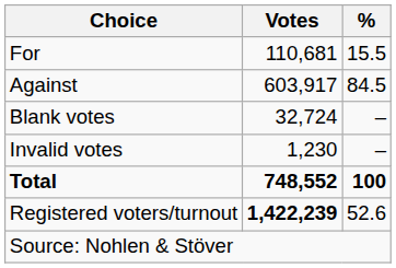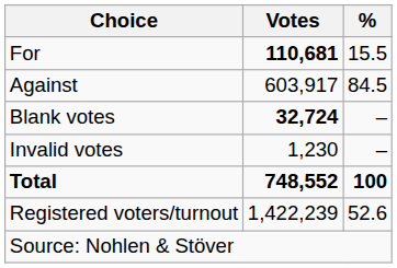 <table class=wikitable style=text-align:right>
 <tr>
 <th>Choice</th>
 <th>Votes</th>
 <th>%</th>
 </tr>
 <tr>
 <td align=left>For</td>
-<td>110,681</td>
+<td><strong>110,681</strong></td>
 <td>15.5</td>
 </tr>
 <tr>
 <td align=left>Against</td>
 <td>603,917</td>
 <td>84.5</td>
 </tr>
 <tr>
 <td align=left>Blank votes</td>
-<td>32,724</td>
+<td><strong>32,724</strong></td>
 <td>–</td>
 </tr>
 <tr>
 <td align=left>Invalid votes</td>
 <td>1,230</td>
 <td>–</td>
 </tr>
 <tr>
 <td align=left><strong>Total</strong></td>
 <td><strong>748,552</strong></td>
 <td><strong>100</strong></td>
 </tr>
 <tr>
 <td align=left>Registered voters/turnout</td>
-<td><strong>1,422,239</strong></td>
+<td>1,422,239</td>
 <td>52.6</td>
 </tr>
 <tr>
 <td align=left colspan=6>Source: Nohlen & Stöver</td>
 </tr>
 </table>
